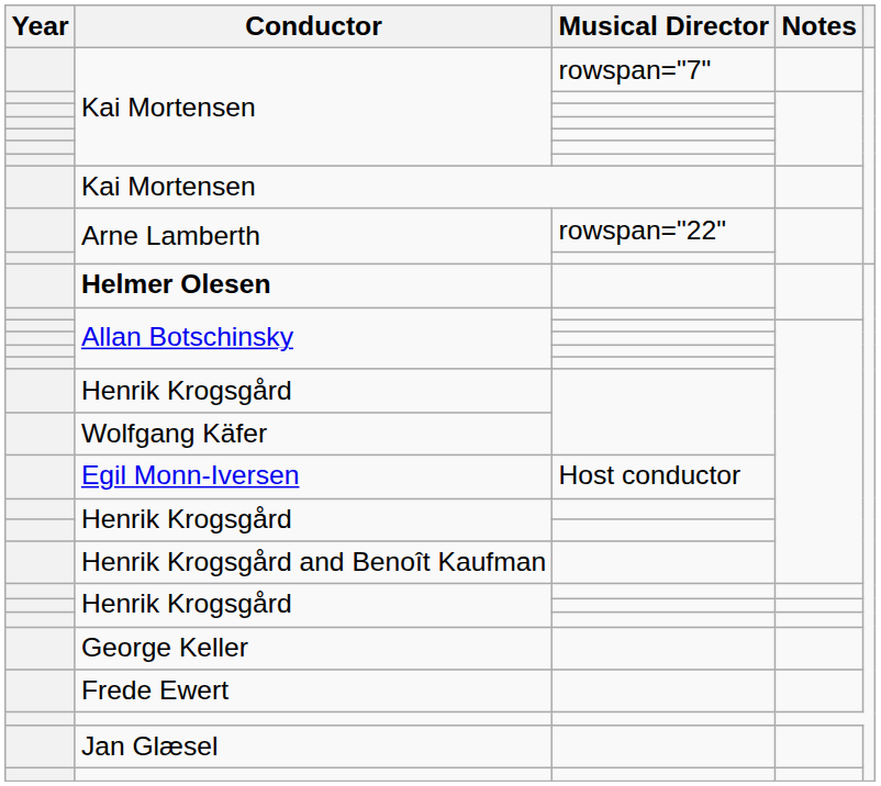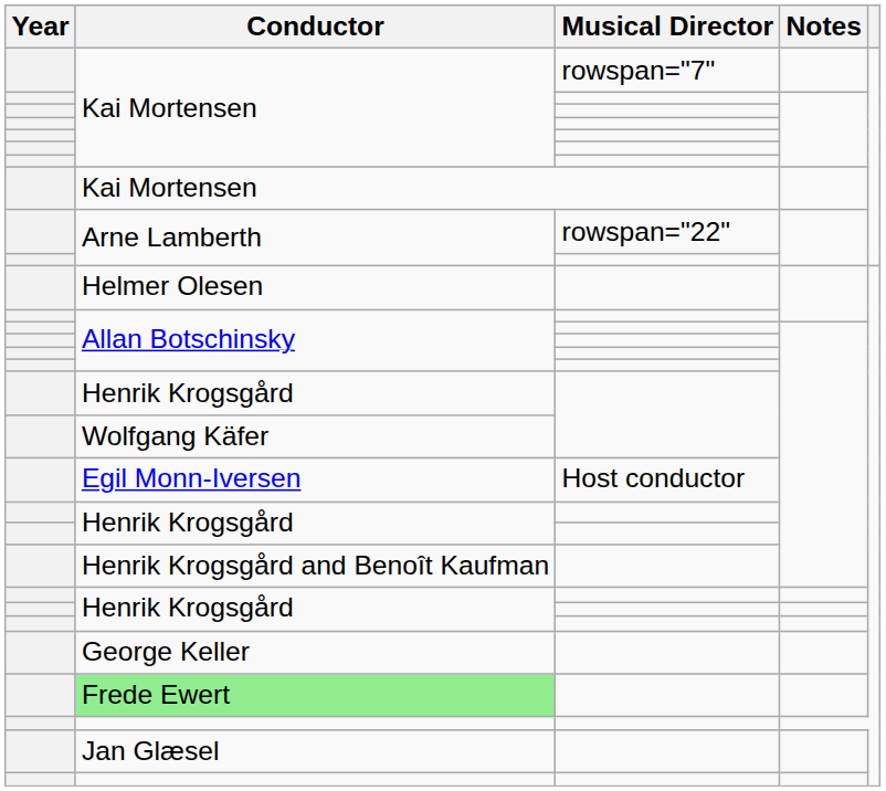 <table class="wikitable plainrowheaders">
 <tr>
 <th>Year</th>
 <th>Conductor</th>
 <th>Musical Director</th>
 <th>Notes</th>
 <th></th>
 </tr>
 <tr>
 <th scope="row"></th>
 <td rowspan="7">Kai Mortensen</td>
 <td>rowspan="7" </td>
 <td></td>
 <td rowspan="10"></td>
 </tr>
 <tr>
 <th scope="row"></th>
 <td></td>
 </tr>
 <tr>
 <th scope="row"></th>
 <td></td>
 </tr>
 <tr>
 <th scope="row"></th>
 <td></td>
 </tr>
 <tr>
 <th scope="row"></th>
 <td></td>
 </tr>
 <tr>
 <th scope="row"></th>
 <td></td>
 </tr>
 <tr>
 <th scope="row"></th>
 <td></td>
 </tr>
 <tr>
 <th scope="row"></th>
 <td colspan="2">Kai Mortensen</td>
 <td></td>
 </tr>
 <tr>
 <th scope="row"></th>
 <td rowspan="2"> Arne Lamberth</td>
 <td>rowspan="22" </td>
 </tr>
 <tr>
 <th scope="row"></th>
 <td></td>
 </tr>
 <tr>
 <th scope="row"></th>
-<td><strong>Helmer Olesen</strong></td>
+<td>Helmer Olesen</td>
 <td></td>
 <td rowspan="2"></td>
 </tr>
 <tr>
 <th scope="row"></th>
 <td rowspan="5"><a href='#'>Allan Botschinsky</a></td>
 </tr>
 <tr>
 <th scope="row"></th>
 <td></td>
 <td rowspan="10"></td>
 </tr>
 <tr>
 <th scope="row"></th>
 <td></td>
 </tr>
 <tr>
 <th scope="row"></th>
 <td></td>
 </tr>
 <tr>
 <th scope="row"></th>
 <td></td>
 </tr>
 <tr>
 <th scope="row"></th>
 <td>Henrik Krogsgård</td>
 <td rowspan="2"></td>
 </tr>
 <tr>
 <th scope="row"></th>
 <td> Wolfgang Käfer</td>
 </tr>
 <tr>
 <th scope="row"></th>
 <td> <a href='#'>Egil Monn-Iversen</a></td>
 <td>Host conductor</td>
 </tr>
 <tr>
 <th scope="row"></th>
 <td rowspan="2">Henrik Krogsgård</td>
 <td></td>
 </tr>
 <tr>
 <th scope="row"></th>
 <td></td>
 </tr>
 <tr>
 <th scope="row"></th>
 <td>Henrik Krogsgård and  Benoît Kaufman</td>
 <td></td>
 </tr>
 <tr>
 <th scope="row"></th>
 <td rowspan="3">Henrik Krogsgård</td>
 <td></td>
 <td></td>
 </tr>
 <tr>
 <th scope="row"></th>
 <td></td>
 <td></td>
 </tr>
 <tr>
 <th scope="row"></th>
 <td></td>
 <td></td>
 </tr>
 <tr>
 <th scope="row"></th>
 <td> George Keller</td>
 <td></td>
 <td></td>
 </tr>
 <tr>
 <th scope="row"></th>
-<td>Frede Ewert</td>
+<td style="background: lightgreen;">Frede Ewert</td>
 <td></td>
 <td></td>
 </tr>
 <tr>
 <th scope="row"></th>
 <td></td>
 <td></td>
 </tr>
 <tr>
 <th scope="row"></th>
 <td>Jan Glæsel</td>
 <td></td>
 <td></td>
 </tr>
 <tr>
 <th scope="row"></th>
 <td></td>
 <td></td>
 <td></td>
 </tr>
 </table>
